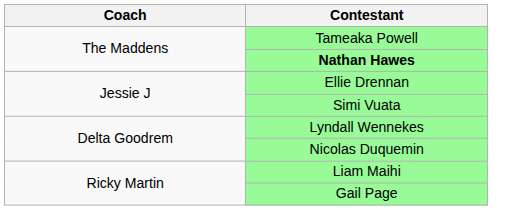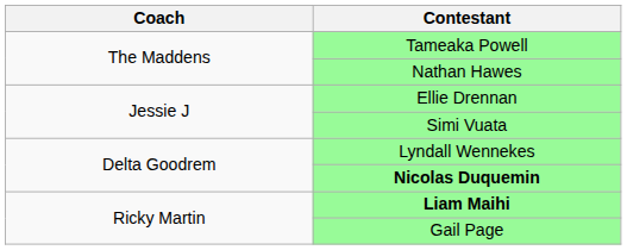 <table class="wikitable sortable" style="text-align: center; width: auto;">
 <tr>
 <th style="width:25%;">Coach</th>
 <th style="width:25%;">Contestant</th>
 </tr>
 <tr>
 <td rowspan="2">The Maddens</td>
 <td bgcolor="palegreen">Tameaka Powell</td>
 </tr>
 <tr>
-<td bgcolor="palegreen"><strong>Nathan Hawes</strong></td>
+<td bgcolor="palegreen">Nathan Hawes</td>
 </tr>
 <tr>
 <td rowspan="2">Jessie J</td>
 <td bgcolor="palegreen">Ellie Drennan</td>
 </tr>
 <tr>
 <td bgcolor="palegreen">Simi Vuata</td>
 </tr>
 <tr>
 <td rowspan="2">Delta Goodrem</td>
 <td bgcolor="palegreen">Lyndall Wennekes</td>
 </tr>
 <tr>
-<td bgcolor="palegreen">Nicolas Duquemin</td>
+<td bgcolor="palegreen"><strong>Nicolas Duquemin</strong></td>
 </tr>
 <tr>
 <td rowspan="2">Ricky Martin</td>
-<td bgcolor="palegreen">Liam Maihi</td>
+<td bgcolor="palegreen"><strong>Liam Maihi</strong></td>
 </tr>
 <tr>
 <td bgcolor="palegreen">Gail Page</td>
 </tr>
 </table>
